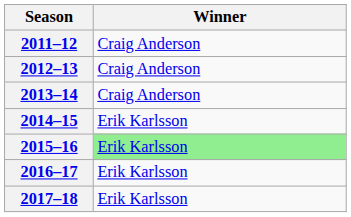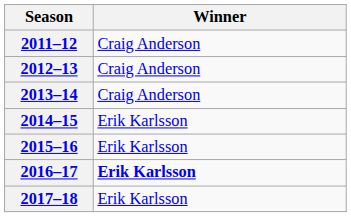 <table class="wikitable">
 <tr>
 <th scope="col" style="width:5em">Season</th>
 <th scope="col" style="width:15em">Winner</th>
 </tr>
 <tr>
 <th scope="row"><a href='#'>2011–12</a></th>
 <td><a href='#'>Craig Anderson</a></td>
 </tr>
 <tr>
 <th scope="row"><a href='#'>2012–13</a></th>
 <td><a href='#'>Craig Anderson</a></td>
 </tr>
 <tr>
 <th scope="row"><a href='#'>2013–14</a></th>
 <td><a href='#'>Craig Anderson</a></td>
 </tr>
 <tr>
 <th scope="row"><a href='#'>2014–15</a></th>
 <td><a href='#'>Erik Karlsson</a></td>
 </tr>
 <tr>
 <th scope="row"><a href='#'>2015–16</a></th>
-<td style="background: lightgreen;"><a href='#'>Erik Karlsson</a></td>
+<td><a href='#'>Erik Karlsson</a></td>
 </tr>
 <tr>
 <th scope="row"><a href='#'>2016–17</a></th>
-<td><a href='#'>Erik Karlsson</a></td>
+<td><strong><a href='#'>Erik Karlsson</a></strong></td>
 </tr>
 <tr>
 <th scope="row"><a href='#'>2017–18</a></th>
 <td><a href='#'>Erik Karlsson</a></td>
 </tr>
 </table>
